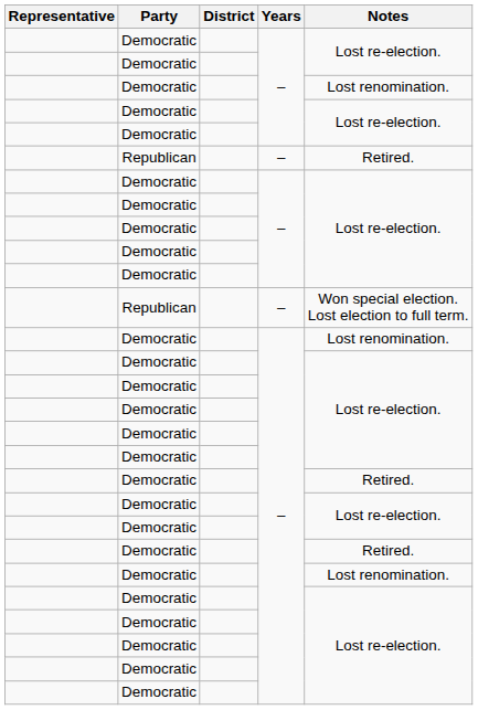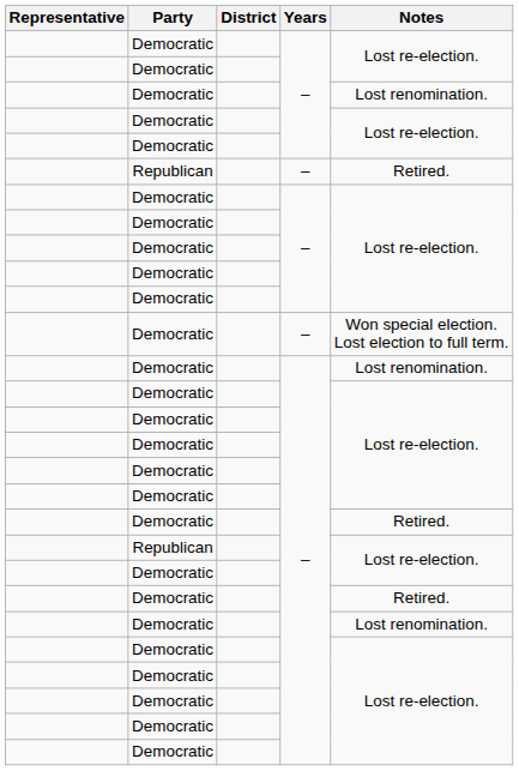 <table class="wikitable sortable" style="text-align:center">
 <tr valign=bottom>
 <th>Representative</th>
 <th>Party</th>
 <th>District</th>
 <th>Years</th>
 <th>Notes</th>
 </tr>
 <tr>
 <td align=left></td>
 <td>Democratic</td>
 <td></td>
 <td rowspan="5" nowrap=""> –<br></td>
 <td rowspan="2">Lost re-election.</td>
 </tr>
 <tr>
 <td align=left></td>
 <td>Democratic</td>
 <td></td>
 </tr>
 <tr>
 <td align=left></td>
 <td>Democratic</td>
 <td></td>
 <td>Lost renomination.</td>
 </tr>
 <tr>
 <td align=left></td>
 <td>Democratic</td>
 <td></td>
 <td rowspan="2">Lost re-election.</td>
 </tr>
 <tr>
 <td align=left></td>
 <td>Democratic</td>
 <td></td>
 </tr>
 <tr>
 <td align=left></td>
 <td>Republican</td>
 <td></td>
 <td nowrap> –<br></td>
 <td>Retired.</td>
 </tr>
 <tr>
 <td align=left></td>
 <td>Democratic</td>
 <td></td>
 <td rowspan="5" nowrap=""> –<br></td>
 <td rowspan="5">Lost re-election.</td>
 </tr>
 <tr>
 <td align=left></td>
 <td>Democratic</td>
 <td></td>
 </tr>
 <tr>
 <td align=left></td>
 <td>Democratic</td>
 <td></td>
 </tr>
 <tr>
 <td align=left></td>
 <td>Democratic</td>
 <td></td>
 </tr>
 <tr>
 <td align=left></td>
 <td>Democratic</td>
 <td></td>
 </tr>
 <tr>
 <td align=left></td>
-<td>Republican</td>
+<td>Democratic</td>
 <td></td>
 <td nowrap> –<br></td>
 <td>Won special election.<br>Lost election to full term.</td>
 </tr>
 <tr>
 <td align=left></td>
 <td>Democratic</td>
 <td></td>
 <td rowspan="16" nowrap=""> –<br></td>
 <td>Lost renomination.</td>
 </tr>
 <tr>
 <td align=left></td>
 <td>Democratic</td>
 <td></td>
 <td rowspan="5">Lost re-election.</td>
 </tr>
 <tr>
 <td align=left></td>
 <td>Democratic</td>
 <td></td>
 </tr>
 <tr>
 <td align=left></td>
 <td>Democratic</td>
 <td></td>
 </tr>
 <tr>
 <td align=left></td>
 <td>Democratic</td>
 <td></td>
 </tr>
 <tr>
 <td align=left></td>
 <td>Democratic</td>
 <td></td>
 </tr>
 <tr>
 <td align=left></td>
 <td>Democratic</td>
 <td></td>
 <td>Retired.</td>
 </tr>
 <tr>
 <td align=left></td>
-<td>Democratic</td>
+<td>Republican</td>
 <td></td>
 <td rowspan="2">Lost re-election.</td>
 </tr>
 <tr>
 <td align=left></td>
 <td>Democratic</td>
 <td></td>
 </tr>
 <tr>
 <td align=left></td>
 <td>Democratic</td>
 <td></td>
 <td>Retired.</td>
 </tr>
 <tr>
 <td align=left></td>
 <td>Democratic</td>
 <td></td>
 <td>Lost renomination.</td>
 </tr>
 <tr>
 <td align=left></td>
 <td>Democratic</td>
 <td></td>
 <td rowspan="5">Lost re-election.</td>
 </tr>
 <tr>
 <td align=left></td>
 <td>Democratic</td>
 <td></td>
 </tr>
 <tr>
 <td align=left></td>
 <td>Democratic</td>
 <td></td>
 </tr>
 <tr>
 <td align=left></td>
 <td>Democratic</td>
 <td></td>
 </tr>
 <tr>
 <td align=left></td>
 <td>Democratic</td>
 <td></td>
 </tr>
 </table>
